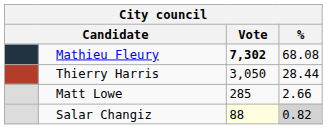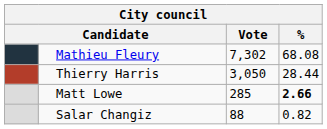 <table class="wikitable">
 <tr>
 <th colspan="4">City council</th>
 </tr>
 <tr>
 <th bgcolor="#DDDDFF" width="230px" colspan="2">Candidate</th>
 <th bgcolor="#DDDDFF" width="50px">Vote</th>
 <th bgcolor="#DDDDFF" width="30px">%</th>
 </tr>
 <tr>
 <td bgcolor=#213340 width="30px"> </td>
 <td>  <a href='#'>Mathieu Fleury</a></td>
-<td><strong>7,302</strong></td>
+<td>7,302</td>
 <td>68.08</td>
 </tr>
 <tr>
 <td bgcolor=#B33D2A width="30px"> </td>
 <td>  Thierry Harris</td>
 <td>3,050</td>
 <td>28.44</td>
 </tr>
 <tr>
 <td bgcolor=#DCDCDC width="30px"> </td>
 <td>  Matt Lowe</td>
 <td>285</td>
-<td>2.66</td>
+<td><strong>2.66</strong></td>
 </tr>
 <tr>
 <td bgcolor=#DCDCDC width="30px"> </td>
 <td>  Salar Changiz</td>
-<td style="background: lightyellow;">88</td>
-<td style="background: lightgrey;">0.82</td>
+<td>88</td>
+<td>0.82</td>
 </tr>
 </table>
